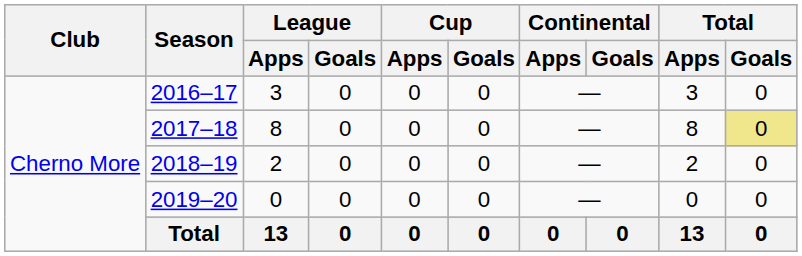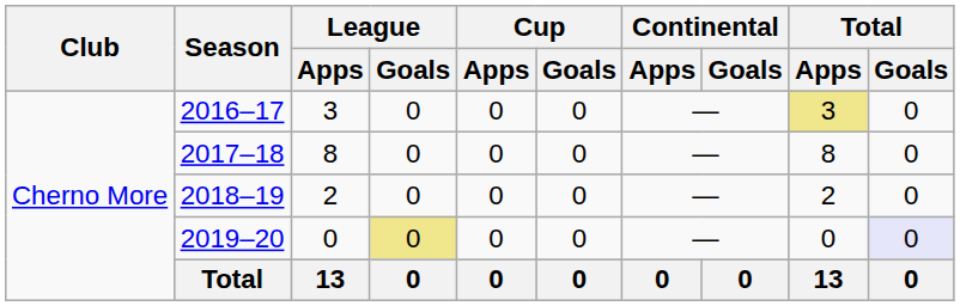 <table class="wikitable" style="font-size:90%; text-align: center">
 <tr>
 <th rowspan="2">Club</th>
 <th rowspan="2">Season</th>
 <th colspan="2">League</th>
 <th colspan="2">Cup</th>
 <th colspan="2">Continental</th>
 <th colspan="2">Total</th>
 </tr>
 <tr>
 <th>Apps</th>
 <th>Goals</th>
 <th>Apps</th>
 <th>Goals</th>
 <th>Apps</th>
 <th>Goals</th>
 <th>Apps</th>
 <th>Goals</th>
 </tr>
 <tr>
 <td rowspan=5><a href='#'>Cherno More</a></td>
 <td><a href='#'>2016–17</a></td>
 <td>3</td>
 <td>0</td>
 <td>0</td>
 <td>0</td>
 <td colspan="2">—</td>
-<td>3</td>
+<td style="background: khaki;">3</td>
 <td>0</td>
 </tr>
 <tr>
 <td><a href='#'>2017–18</a></td>
 <td>8</td>
 <td>0</td>
 <td>0</td>
 <td>0</td>
 <td colspan="2">—</td>
 <td>8</td>
-<td style="background: khaki;">0</td>
+<td>0</td>
 </tr>
 <tr>
 <td><a href='#'>2018–19</a></td>
 <td>2</td>
 <td>0</td>
 <td>0</td>
 <td>0</td>
 <td colspan="2">—</td>
 <td>2</td>
 <td>0</td>
 </tr>
 <tr>
 <td><a href='#'>2019–20</a></td>
 <td>0</td>
-<td>0</td>
+<td style="background: khaki;">0</td>
 <td>0</td>
 <td>0</td>
 <td colspan="2">—</td>
 <td>0</td>
-<td>0</td>
+<td style="background: lavender;">0</td>
 </tr>
 <tr>
 <th>Total</th>
 <th>13</th>
 <th>0</th>
 <th>0</th>
 <th>0</th>
 <th>0</th>
 <th>0</th>
 <th>13</th>
 <th>0</th>
 </tr>
 </table>
